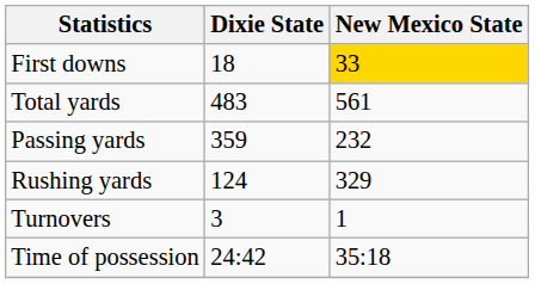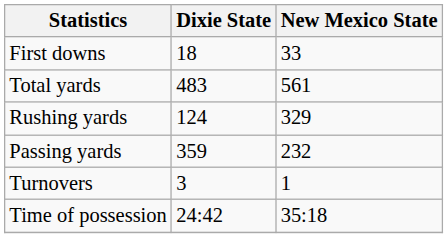 <table class="wikitable">
 <tr>
 <th>Statistics</th>
 <th>Dixie State</th>
 <th>New Mexico State</th>
 </tr>
 <tr>
 <td>First downs</td>
 <td>18</td>
-<td style="background: gold;">33</td>
+<td>33</td>
 </tr>
 <tr>
 <td>Total yards</td>
 <td>483</td>
 <td>561</td>
 </tr>
 <tr>
+<td>Rushing yards</td>
+<td>124</td>
+<td>329</td>
+</tr>
+<tr>
 <td>Passing yards</td>
 <td>359</td>
 <td>232</td>
-</tr>
-<tr>
-<td>Rushing yards</td>
-<td>124</td>
-<td>329</td>
 </tr>
 <tr>
 <td>Turnovers</td>
 <td>3</td>
 <td>1</td>
 </tr>
 <tr>
 <td>Time of possession</td>
 <td>24:42</td>
 <td>35:18</td>
 </tr>
 <tr>
 </tr>
 </table>
